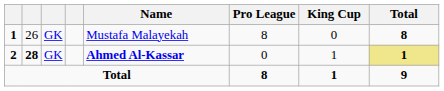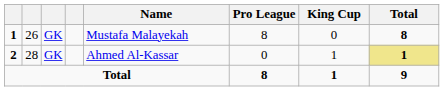 <table class="wikitable" style="text-align:center">
 <tr>
 <th width=15></th>
 <th width=15></th>
 <th width=15></th>
 <th width=15></th>
 <th width=175>Name</th>
 <th width=80>Pro League</th>
 <th width=80>King Cup</th>
 <th width=80>Total</th>
 </tr>
 <tr>
 <td><strong>1</strong></td>
 <td>26</td>
 <td><a href='#'>GK</a></td>
 <td></td>
 <td align=left><a href='#'>Mustafa Malayekah</a></td>
 <td>8</td>
 <td>0</td>
 <td><strong>8</strong></td>
 </tr>
 <tr>
 <td><strong>2</strong></td>
-<td><strong>28</strong></td>
+<td>28</td>
 <td><a href='#'>GK</a></td>
 <td></td>
-<td align=left><strong><a href='#'>Ahmed Al-Kassar</a></strong></td>
+<td align=left><a href='#'>Ahmed Al-Kassar</a></td>
 <td>0</td>
 <td>1</td>
 <td style="background: khaki;"><strong>1</strong></td>
 </tr>
 <tr>
 <td colspan=5><strong>Total</strong></td>
 <td><strong>8</strong></td>
 <td><strong>1</strong></td>
 <td><strong>9</strong></td>
 </tr>
 </table>
